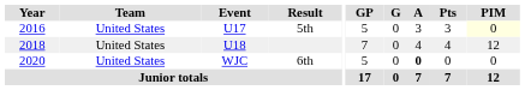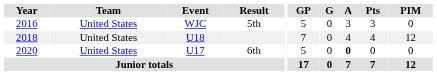 <table border="0" cellpadding="1" cellspacing="0" ID="Table3" style="text-align:center; width:40em">
 <tr bgcolor="#e0e0e0">
 <th>Year</th>
 <th>Team</th>
 <th>Event</th>
 <th>Result</th>
 <th rowspan="99" bgcolor="#ffffff"></th>
 <th>GP</th>
 <th>G</th>
 <th>A</th>
 <th>Pts</th>
 <th>PIM</th>
 </tr>
 <tr ALIGN="center">
 <td><a href='#'>2016</a></td>
 <td><a href='#'>United States</a></td>
-<td><a href='#'>U17</a></td>
+<td><a href='#'>WJC</a></td>
 <td>5th</td>
 <td>5</td>
 <td>0</td>
 <td>3</td>
 <td>3</td>
-<td style="background: lightyellow;">0</td>
+<td>0</td>
 </tr>
 <tr ALIGN="center" bgcolor="#f0f0f0">
 <td><a href='#'>2018</a></td>
 <td>United States</td>
 <td><a href='#'>U18</a></td>
 <td></td>
 <td>7</td>
 <td>0</td>
 <td>4</td>
 <td>4</td>
 <td>12</td>
 </tr>
 <tr ALIGN="center">
 <td><a href='#'>2020</a></td>
 <td><a href='#'>United States</a></td>
-<td><a href='#'>WJC</a></td>
+<td><a href='#'>U17</a></td>
 <td>6th</td>
 <td>5</td>
 <td>0</td>
 <td><strong>0</strong></td>
 <td>0</td>
 <td>0</td>
 </tr>
 <tr bgcolor="#e0e0e0">
 <th colspan="4">Junior totals</th>
 <th>17</th>
 <th>0</th>
 <th>7</th>
 <th>7</th>
 <th>12</th>
 </tr>
 </table>
